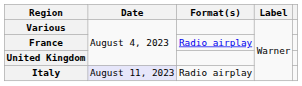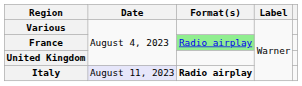 <table class="wikitable plainrowheaders">
 <tr>
 <th scope="col">Region</th>
 <th scope="col">Date</th>
 <th scope="col">Format(s)</th>
 <th scope="col">Label</th>
 <th scope="col"></th>
 </tr>
 <tr>
 <th scope="row">Various</th>
 <td rowspan="3">August 4, 2023</td>
 <td></td>
 <td rowspan="4">Warner</td>
 <td></td>
 </tr>
 <tr>
 <th scope="row">France</th>
-<td><a href='#'>Radio airplay</a></td>
+<td style="background: lightgreen;"><a href='#'>Radio airplay</a></td>
 <td></td>
 </tr>
 <tr>
 <th scope="row">United Kingdom</th>
 <td></td>
 <td></td>
 </tr>
 <tr>
 <th scope="row">Italy</th>
 <td style="background: lavender;">August 11, 2023</td>
-<td>Radio airplay</td>
+<td><strong>Radio airplay</strong></td>
 <td></td>
 </tr>
 </table>
